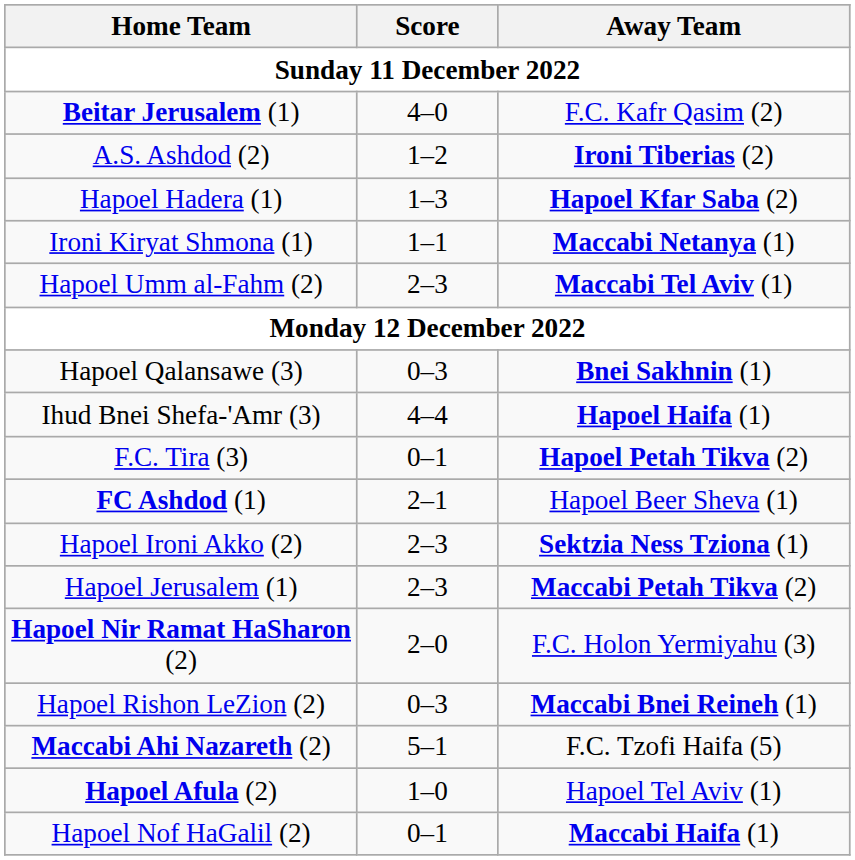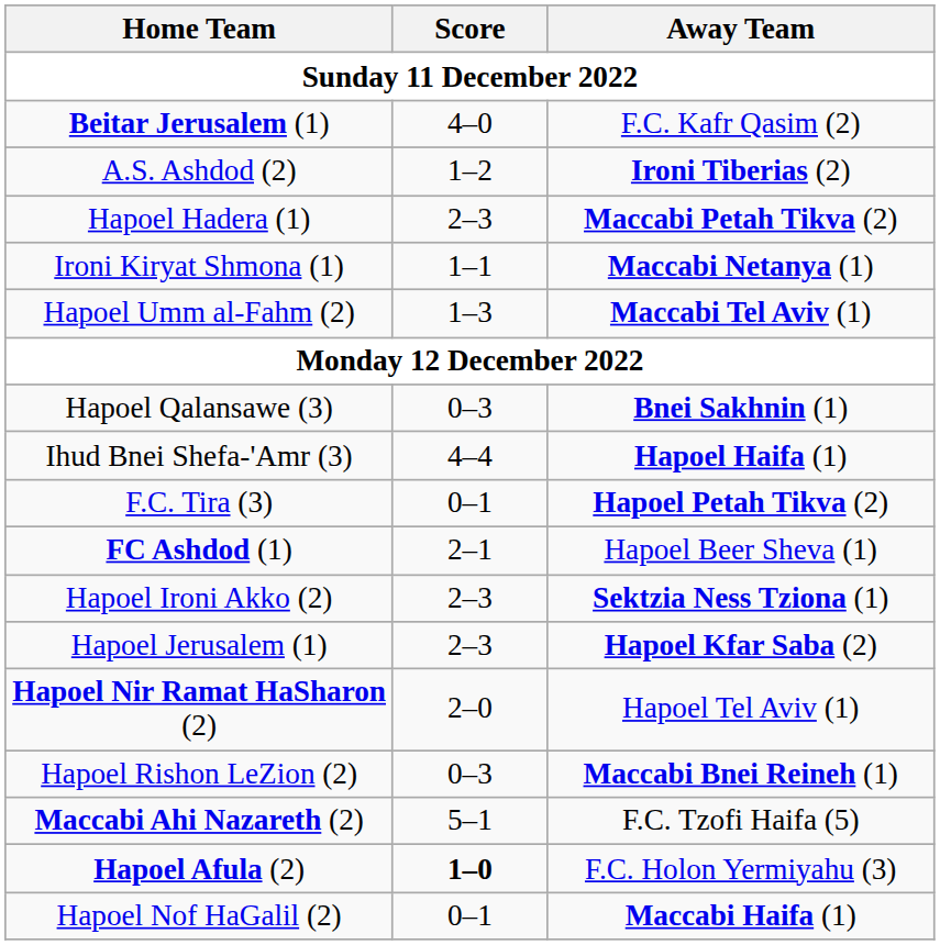 <table class="wikitable" style="text-align: center;">
 <tr>
 <th width="200px">Home Team</th>
 <th width="75px">Score</th>
 <th width="200px">Away Team</th>
 </tr>
 <tr>
 <td colspan=4 bgcolor=White><strong>Sunday 11 December 2022</strong></td>
 </tr>
 <tr>
 <td><strong><a href='#'>Beitar Jerusalem</a></strong> (1)</td>
 <td>4–0</td>
 <td><a href='#'>F.C. Kafr Qasim</a> (2)</td>
 </tr>
 <tr>
 <td><a href='#'>A.S. Ashdod</a> (2)</td>
 <td>1–2</td>
 <td><strong><a href='#'>Ironi Tiberias</a></strong> (2)</td>
 </tr>
 <tr>
 <td><a href='#'>Hapoel Hadera</a> (1)</td>
-<td>1–3</td>
-<td><strong><a href='#'>Hapoel Kfar Saba</a></strong> (2)</td>
+<td>2–3</td>
+<td><strong><a href='#'>Maccabi Petah Tikva</a></strong> (2)</td>
 </tr>
 <tr>
 <td><a href='#'>Ironi Kiryat Shmona</a> (1)</td>
 <td>1–1  </td>
 <td><strong><a href='#'>Maccabi Netanya</a></strong> (1)</td>
 </tr>
 <tr>
 <td><a href='#'>Hapoel Umm al-Fahm</a> (2)</td>
-<td>2–3</td>
+<td>1–3</td>
 <td><strong><a href='#'>Maccabi Tel Aviv</a></strong> (1)</td>
 </tr>
 <tr>
 <td colspan=4 bgcolor=White><strong>Monday 12 December 2022</strong></td>
 </tr>
 <tr>
 <td>Hapoel Qalansawe (3)</td>
 <td>0–3</td>
 <td><strong><a href='#'>Bnei Sakhnin</a></strong> (1)</td>
 </tr>
 <tr>
 <td>Ihud Bnei Shefa-'Amr  (3)</td>
 <td>4–4  </td>
 <td><strong><a href='#'>Hapoel Haifa</a></strong> (1)</td>
 </tr>
 <tr>
 <td><a href='#'>F.C. Tira</a> (3)</td>
 <td>0–1</td>
 <td><strong><a href='#'>Hapoel Petah Tikva</a></strong> (2)</td>
 </tr>
 <tr>
 <td><strong><a href='#'>FC Ashdod</a></strong> (1)</td>
 <td>2–1</td>
 <td><a href='#'>Hapoel Beer Sheva</a> (1)</td>
 </tr>
 <tr>
 <td><a href='#'>Hapoel Ironi Akko</a> (2)</td>
 <td>2–3</td>
 <td><strong><a href='#'>Sektzia Ness Tziona</a></strong> (1)</td>
 </tr>
 <tr>
 <td><a href='#'>Hapoel Jerusalem</a> (1)</td>
 <td>2–3 </td>
-<td><strong><a href='#'>Maccabi Petah Tikva</a></strong> (2)</td>
+<td><strong><a href='#'>Hapoel Kfar Saba</a></strong> (2)</td>
 </tr>
 <tr>
 <td><strong><a href='#'>Hapoel Nir Ramat HaSharon</a></strong> (2)</td>
 <td>2–0</td>
-<td><a href='#'>F.C. Holon Yermiyahu</a> (3)</td>
+<td><a href='#'>Hapoel Tel Aviv</a> (1)</td>
 </tr>
 <tr>
 <td><a href='#'>Hapoel Rishon LeZion</a> (2)</td>
 <td>0–3</td>
 <td><strong><a href='#'>Maccabi Bnei Reineh</a></strong> (1)</td>
 </tr>
 <tr>
 <td><strong><a href='#'>Maccabi Ahi Nazareth</a></strong> (2)</td>
 <td>5–1</td>
 <td>F.C. Tzofi Haifa (5)</td>
 </tr>
 <tr>
 <td><strong><a href='#'>Hapoel Afula</a></strong> (2)</td>
-<td>1–0</td>
-<td><a href='#'>Hapoel Tel Aviv</a> (1)</td>
+<td><strong>1–0</strong></td>
+<td><a href='#'>F.C. Holon Yermiyahu</a> (3)</td>
 </tr>
 <tr>
 <td><a href='#'>Hapoel Nof HaGalil</a> (2)</td>
 <td>0–1</td>
 <td><strong><a href='#'>Maccabi Haifa</a></strong> (1)</td>
 </tr>
 </table>
